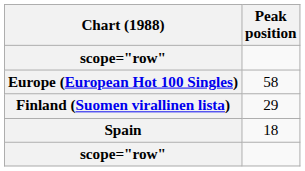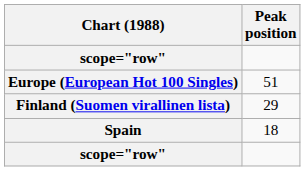 <table class="wikitable sortable plainrowheaders">
 <tr>
 <th>Chart (1988)</th>
 <th>Peak<br>position</th>
 </tr>
 <tr>
 <th>scope="row"</th>
 </tr>
 <tr>
 <th scope="row">Europe (<a href='#'>European Hot 100 Singles</a>)</th>
-<td style="text-align:center;">58</td>
+<td style="text-align:center;">51</td>
 </tr>
 <tr>
 <th scope="row">Finland (<a href='#'>Suomen virallinen lista</a>)</th>
 <td align="center">29</td>
 </tr>
 <tr>
 <th scope="row">Spain</th>
 <td align="center">18</td>
 </tr>
 <tr>
 <th>scope="row"</th>
 </tr>
 </table>
